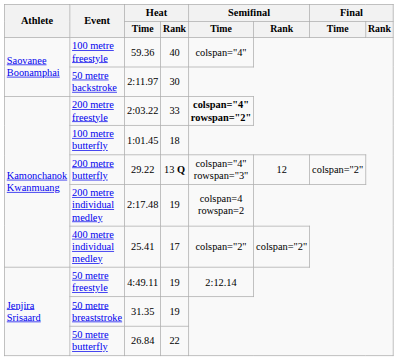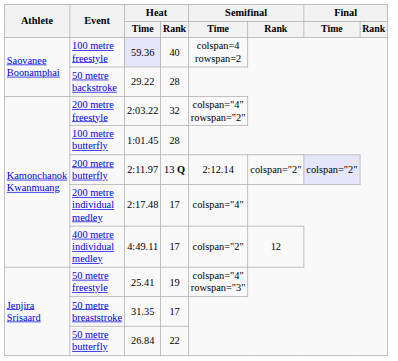 <table class="wikitable" style="text-align:center; font-size:90%; width:50%;">
 <tr>
 <th rowspan="2">Athlete</th>
 <th rowspan="2">Event</th>
 <th colspan="2">Heat</th>
 <th colspan="2">Semifinal</th>
 <th colspan="2">Final</th>
 </tr>
 <tr style="font-size:95%">
 <th>Time</th>
 <th>Rank</th>
 <th>Time</th>
 <th>Rank</th>
 <th>Time</th>
 <th>Rank</th>
 </tr>
 <tr align=center>
 <td align=left rowspan="2"><a href='#'>Saovanee Boonamphai</a></td>
 <td align=left><a href='#'>100 metre freestyle</a></td>
-<td>59.36</td>
+<td style="background: lavender;">59.36</td>
 <td>40</td>
-<td>colspan="4" </td>
+<td>colspan=4 rowspan=2 </td>
 </tr>
 <tr align=center>
 <td align=left><a href='#'>50 metre backstroke</a></td>
-<td>2:11.97</td>
-<td>30</td>
+<td>29.22</td>
+<td>28</td>
 </tr>
 <tr align=center>
 <td align=left rowspan="5"><a href='#'>Kamonchanok Kwanmuang</a></td>
 <td align=left><a href='#'>200 metre freestyle</a></td>
 <td>2:03.22</td>
-<td>33</td>
-<td><strong>colspan="4" rowspan="2"</strong></td>
+<td>32</td>
+<td>colspan="4" rowspan="2"</td>
 </tr>
 <tr align=center>
 <td align=left><a href='#'>100 metre butterfly</a></td>
 <td>1:01.45</td>
-<td>18</td>
+<td>28</td>
 </tr>
 <tr align=center>
 <td align=left><a href='#'>200 metre butterfly</a></td>
-<td>29.22</td>
+<td>2:11.97</td>
 <td>13 <strong>Q</strong></td>
-<td>colspan="4" rowspan="3"</td>
-<td>12</td>
-<td>colspan="2" </td>
+<td>2:12.14</td>
+<td>colspan="2"   </td>
+<td style="background: lavender;">colspan="2" </td>
 </tr>
 <tr align=center>
 <td align=left><a href='#'>200 metre individual medley</a></td>
 <td>2:17.48</td>
-<td>19</td>
-<td>colspan=4 rowspan=2 </td>
+<td>17</td>
+<td>colspan="4" </td>
 </tr>
 <tr align=center>
 <td align=left><a href='#'>400 metre individual medley</a></td>
-<td>25.41</td>
+<td>4:49.11</td>
 <td>17</td>
 <td>colspan="2"   </td>
-<td>colspan="2"   </td>
+<td>12</td>
 </tr>
 <tr align=center>
 <td align=left rowspan="3"><a href='#'>Jenjira Srisaard</a></td>
 <td align=left><a href='#'>50 metre freestyle</a></td>
-<td>4:49.11</td>
+<td>25.41</td>
 <td>19</td>
-<td>2:12.14</td>
+<td>colspan="4" rowspan="3"</td>
 </tr>
 <tr align=center>
 <td align=left><a href='#'>50 metre breaststroke</a></td>
 <td>31.35</td>
-<td>19</td>
+<td>17</td>
 </tr>
 <tr align=center>
 <td align=left><a href='#'>50 metre butterfly</a></td>
 <td>26.84</td>
 <td>22</td>
 </tr>
 </table>
